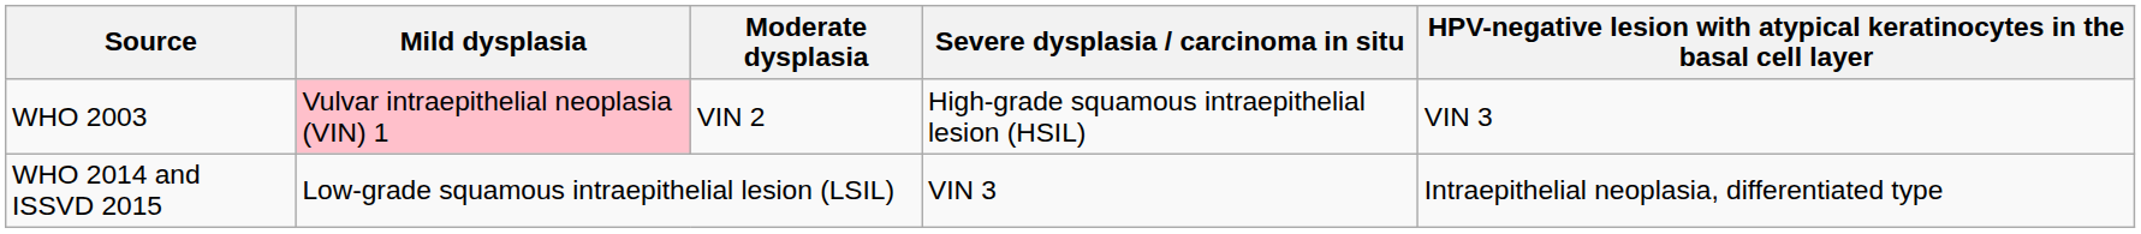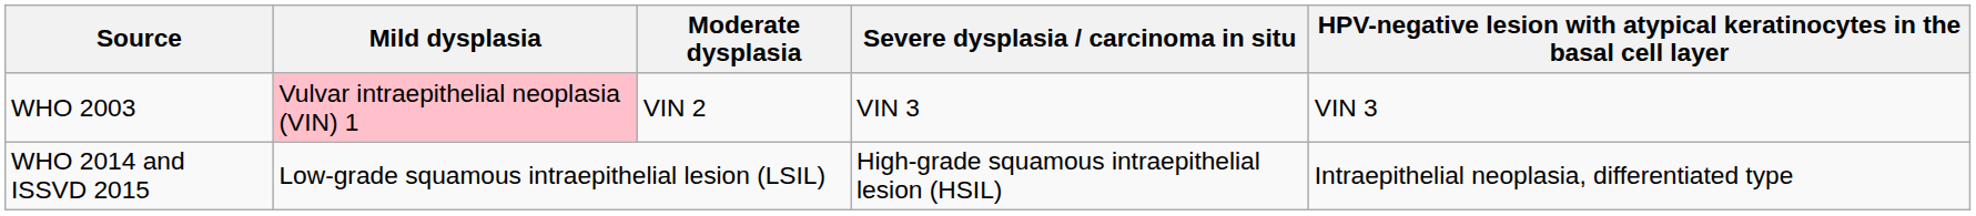 <table class=wikitable>
 <tr>
 <th>Source</th>
 <th>Mild dysplasia</th>
 <th>Moderate dysplasia</th>
 <th>Severe dysplasia / carcinoma in situ</th>
 <th>HPV-negative lesion with atypical keratinocytes in the basal cell layer</th>
 </tr>
 <tr>
 <td>WHO 2003</td>
 <td style="background: pink;">Vulvar intraepithelial neoplasia (VIN) 1</td>
 <td>VIN 2</td>
-<td>High-grade squamous intraepithelial lesion (HSIL)</td>
+<td>VIN 3</td>
 <td>VIN 3</td>
 </tr>
 <tr>
 <td>WHO 2014 and ISSVD 2015</td>
 <td colspan=2>Low-grade squamous intraepithelial lesion (LSIL)</td>
-<td>VIN 3</td>
+<td>High-grade squamous intraepithelial lesion (HSIL)</td>
 <td>Intraepithelial neoplasia, differentiated type</td>
 </tr>
 </table>
